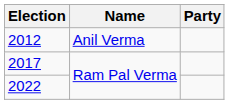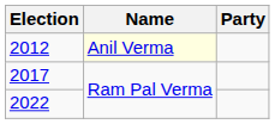 <table class="wikitable sortable">
 <tr>
 <th>Election</th>
 <th>Name</th>
 <th colspan=2>Party</th>
 </tr>
 <tr>
 <td><a href='#'>2012</a></td>
-<td><a href='#'>Anil Verma</a></td>
+<td style="background: lightyellow;"><a href='#'>Anil Verma</a></td>
 <td></td>
 </tr>
 <tr>
 <td><a href='#'>2017</a></td>
 <td rowspan=2><a href='#'>Ram Pal Verma</a></td>
 <td></td>
 </tr>
 <tr>
 <td><a href='#'>2022</a></td>
 </tr>
 </table>
